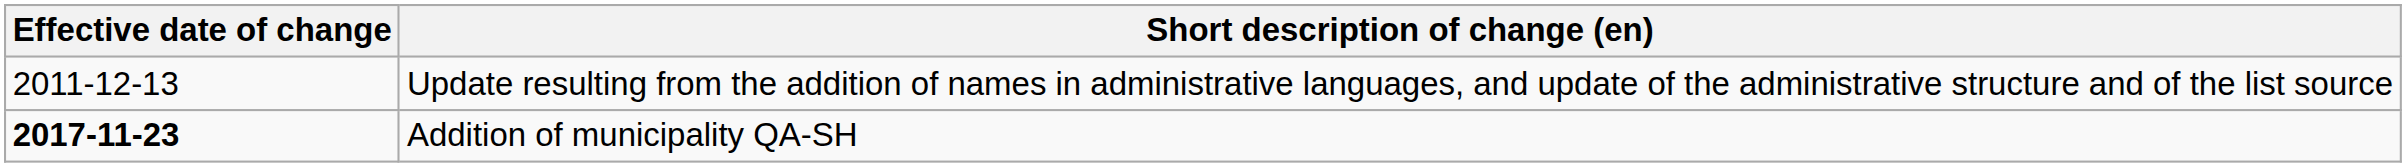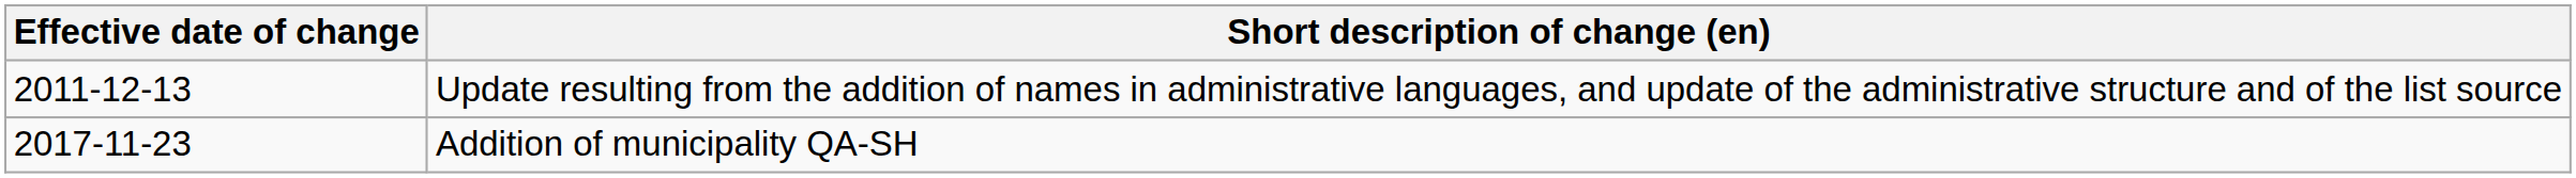 <table class="wikitable">
 <tr>
 <th>Effective date of change</th>
 <th>Short description of change (en)</th>
 </tr>
 <tr>
 <td>2011-12-13</td>
 <td>Update resulting from the addition of names in administrative languages, and update of the administrative structure and of the list source</td>
 </tr>
 <tr>
-<td><strong>2017-11-23</strong></td>
+<td>2017-11-23</td>
 <td>Addition of municipality QA-SH</td>
 </tr>
 </table>
